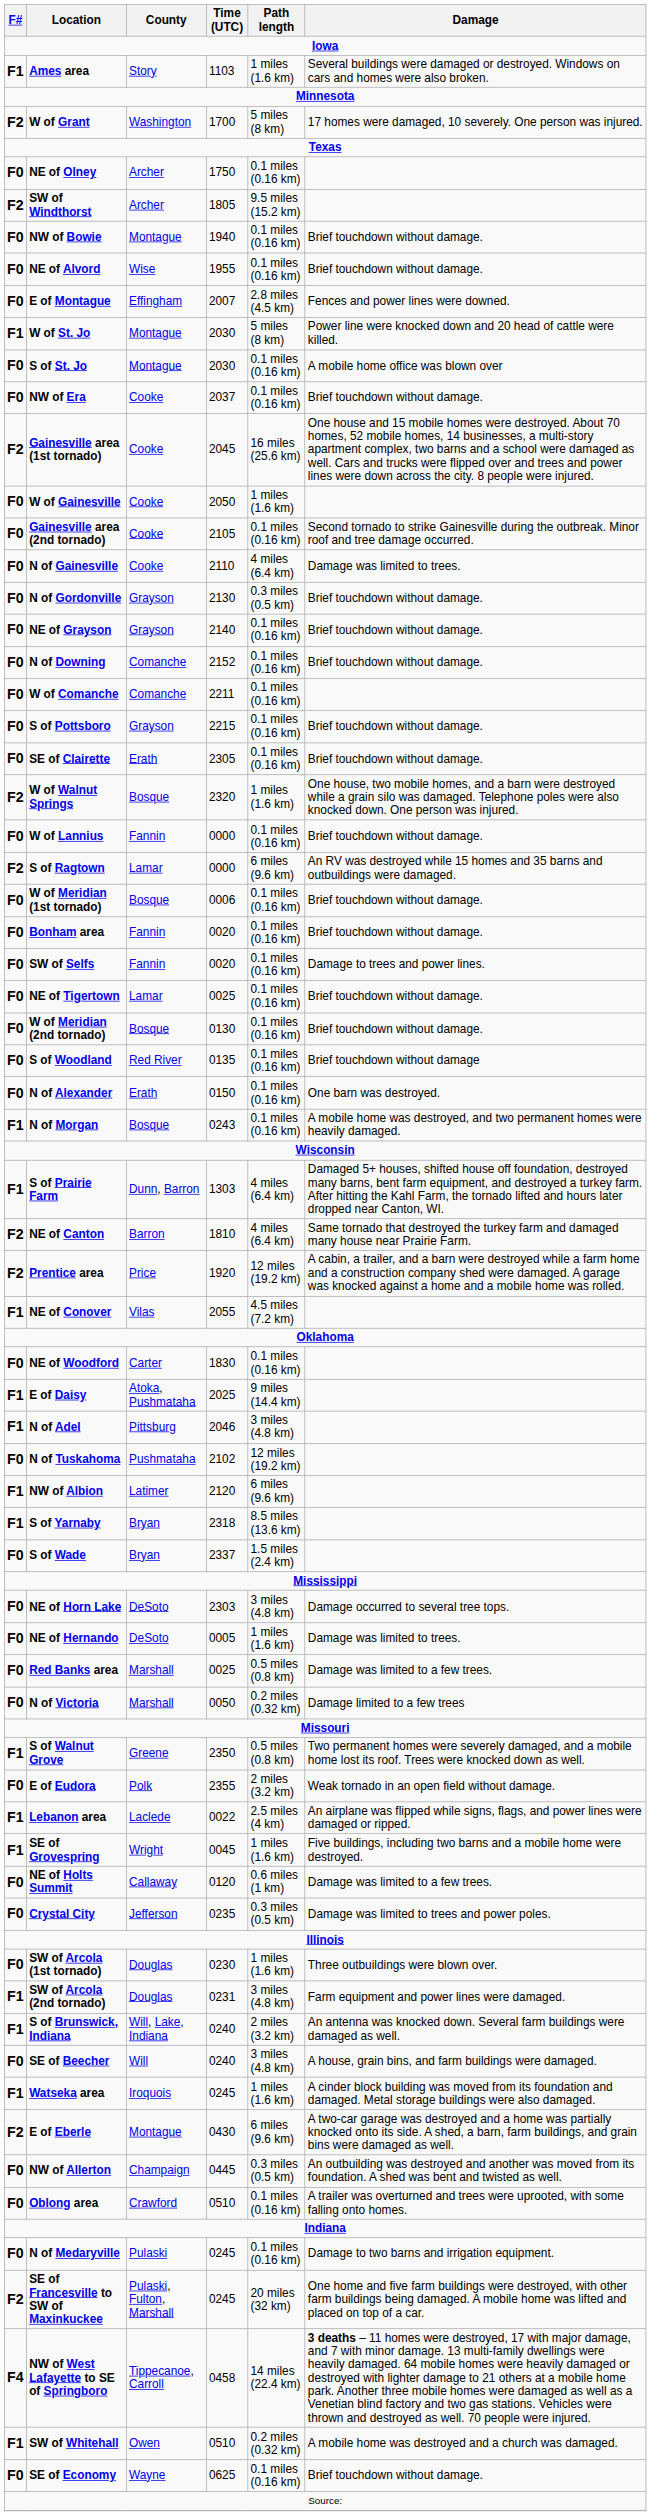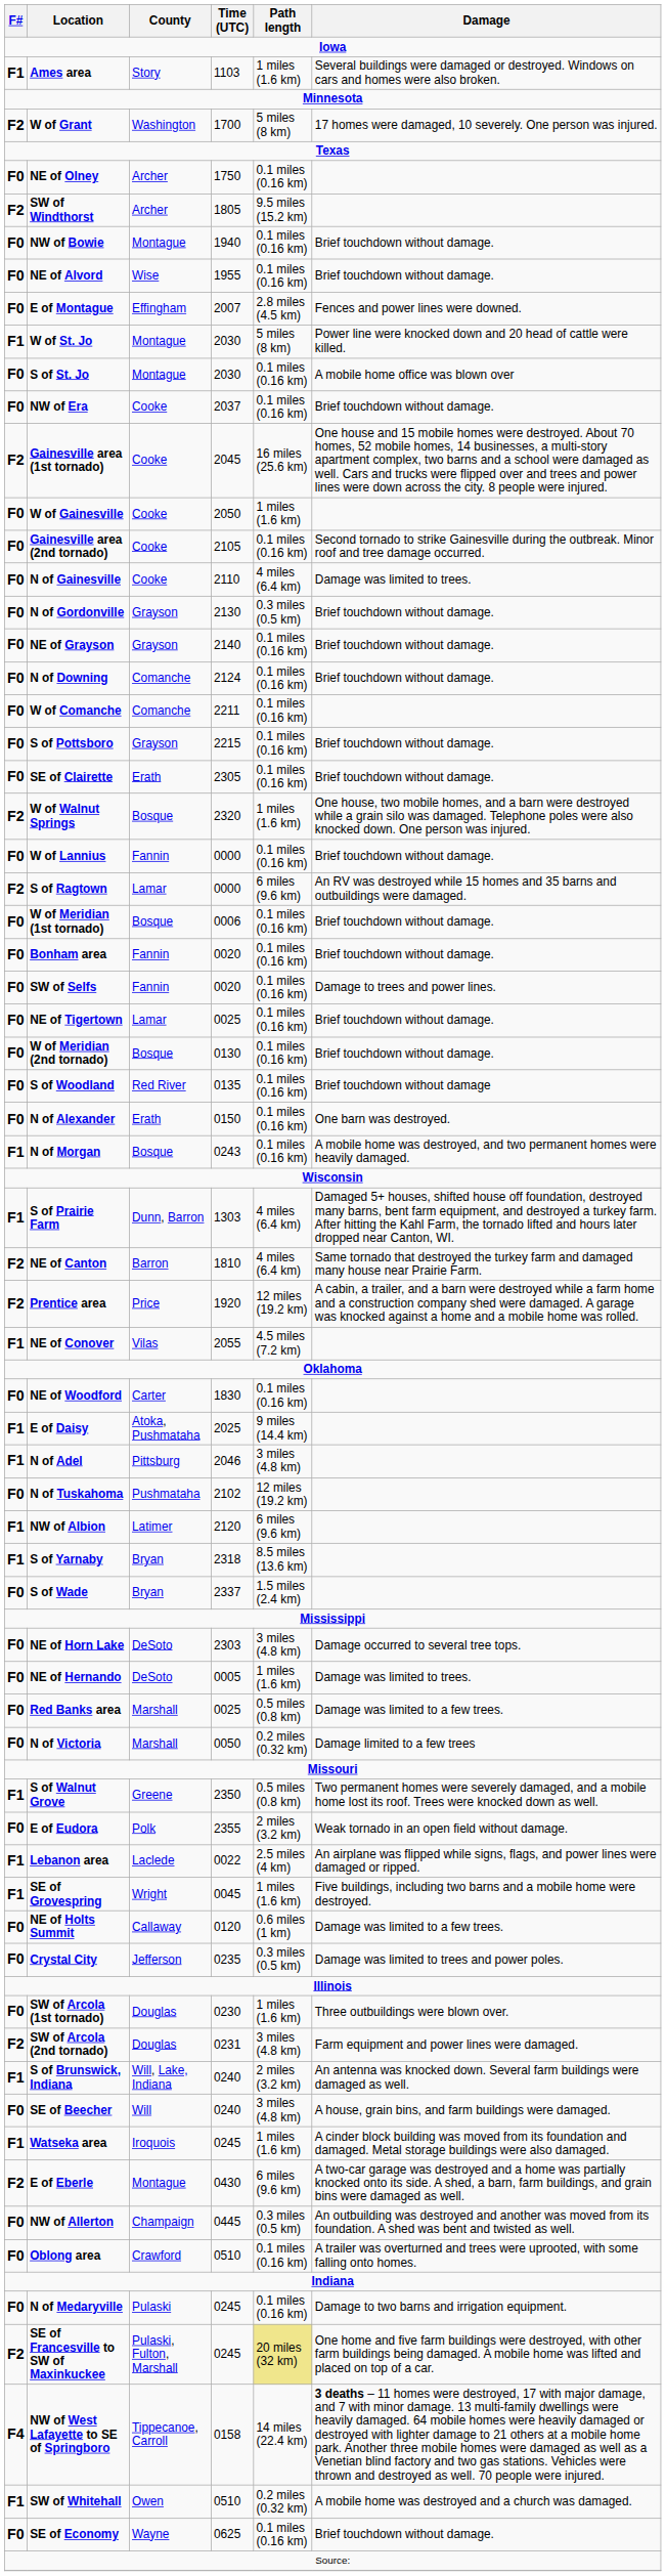 <table class="wikitable">
 <tr>
 <th><strong><a href='#'>F#</a></strong></th>
 <th><strong>Location</strong></th>
 <th><strong>County</strong></th>
 <th><strong>Time (UTC)</strong></th>
 <th><strong>Path length</strong></th>
 <th><strong>Damage</strong></th>
 </tr>
 <tr>
 <td colspan="7" align=center><strong><a href='#'>Iowa</a></strong></td>
 </tr>
 <tr>
 <td><big><strong>F1</strong></big></td>
 <td><strong><a href='#'>Ames</a> area</strong></td>
 <td><a href='#'>Story</a></td>
 <td>1103</td>
 <td>1 miles <br>(1.6 km)</td>
 <td>Several buildings were damaged or destroyed. Windows on cars and homes were also broken.</td>
 </tr>
 <tr>
 <td colspan="7" align=center><strong><a href='#'>Minnesota</a></strong></td>
 </tr>
 <tr>
 <td><big><strong>F2</strong></big></td>
 <td><strong>W of <a href='#'>Grant</a></strong></td>
 <td><a href='#'>Washington</a></td>
 <td>1700</td>
 <td>5 miles <br>(8 km)</td>
 <td>17 homes were damaged, 10 severely. One person was injured.</td>
 </tr>
 <tr>
 <td colspan="7" align=center><strong><a href='#'>Texas</a></strong></td>
 </tr>
 <tr>
 <td><big><strong>F0</strong></big></td>
 <td><strong>NE of <a href='#'>Olney</a></strong></td>
 <td><a href='#'>Archer</a></td>
 <td>1750</td>
 <td>0.1 miles <br>(0.16 km)</td>
 <td></td>
 </tr>
 <tr>
 <td><big><strong>F2</strong></big></td>
 <td><strong>SW of <a href='#'>Windthorst</a></strong></td>
 <td><a href='#'>Archer</a></td>
 <td>1805</td>
 <td>9.5 miles <br>(15.2 km)</td>
 <td></td>
 </tr>
 <tr>
 <td><big><strong>F0</strong></big></td>
 <td><strong>NW of <a href='#'>Bowie</a></strong></td>
 <td><a href='#'>Montague</a></td>
 <td>1940</td>
 <td>0.1 miles <br>(0.16 km)</td>
 <td>Brief touchdown without damage.</td>
 </tr>
 <tr>
 <td><big><strong>F0</strong></big></td>
 <td><strong>NE of <a href='#'>Alvord</a></strong></td>
 <td><a href='#'>Wise</a></td>
 <td>1955</td>
 <td>0.1 miles <br>(0.16 km)</td>
 <td>Brief touchdown without damage.</td>
 </tr>
 <tr>
 <td><big><strong>F0</strong></big></td>
 <td><strong>E of <a href='#'>Montague</a></strong></td>
 <td><a href='#'>Effingham</a></td>
 <td>2007</td>
 <td>2.8 miles <br>(4.5 km)</td>
 <td>Fences and power lines were downed.</td>
 </tr>
 <tr>
 <td><big><strong>F1</strong></big></td>
 <td><strong>W of <a href='#'>St. Jo</a></strong></td>
 <td><a href='#'>Montague</a></td>
 <td>2030</td>
 <td>5 miles <br>(8 km)</td>
 <td>Power line were knocked down and 20 head of cattle were killed.</td>
 </tr>
 <tr>
 <td><big><strong>F0</strong></big></td>
 <td><strong>S of <a href='#'>St. Jo</a></strong></td>
 <td><a href='#'>Montague</a></td>
 <td>2030</td>
 <td>0.1 miles <br>(0.16 km)</td>
 <td>A mobile home office was blown over</td>
 </tr>
 <tr>
 <td><big><strong>F0</strong></big></td>
 <td><strong>NW of <a href='#'>Era</a></strong></td>
 <td><a href='#'>Cooke</a></td>
 <td>2037</td>
 <td>0.1 miles <br>(0.16 km)</td>
 <td>Brief touchdown without damage.</td>
 </tr>
 <tr>
 <td><big><strong>F2</strong></big></td>
 <td><strong><a href='#'>Gainesville</a> area (1st tornado)</strong></td>
 <td><a href='#'>Cooke</a></td>
 <td>2045</td>
 <td>16 miles <br>(25.6 km)</td>
 <td>One house and 15 mobile homes were destroyed. About 70 homes, 52 mobile homes, 14 businesses, a multi-story apartment complex, two barns and a school were damaged as well. Cars and trucks were flipped over and trees and power lines were down across the city. 8 people were injured.</td>
 </tr>
 <tr>
 <td><big><strong>F0</strong></big></td>
 <td><strong>W of <a href='#'>Gainesville</a></strong></td>
 <td><a href='#'>Cooke</a></td>
 <td>2050</td>
 <td>1 miles <br>(1.6 km)</td>
 <td></td>
 </tr>
 <tr>
 <td><big><strong>F0</strong></big></td>
 <td><strong><a href='#'>Gainesville</a> area (2nd tornado)</strong></td>
 <td><a href='#'>Cooke</a></td>
 <td>2105</td>
 <td>0.1 miles <br>(0.16 km)</td>
 <td>Second tornado to strike Gainesville during the outbreak. Minor roof and tree damage occurred.</td>
 </tr>
 <tr>
 <td><big><strong>F0</strong></big></td>
 <td><strong>N of <a href='#'>Gainesville</a></strong></td>
 <td><a href='#'>Cooke</a></td>
 <td>2110</td>
 <td>4 miles <br>(6.4 km)</td>
 <td>Damage was limited to trees.</td>
 </tr>
 <tr>
 <td><big><strong>F0</strong></big></td>
 <td><strong>N of <a href='#'>Gordonville</a></strong></td>
 <td><a href='#'>Grayson</a></td>
 <td>2130</td>
 <td>0.3 miles <br>(0.5 km)</td>
 <td>Brief touchdown without damage.</td>
 </tr>
 <tr>
 <td><big><strong>F0</strong></big></td>
 <td><strong>NE of <a href='#'>Grayson</a></strong></td>
 <td><a href='#'>Grayson</a></td>
 <td>2140</td>
 <td>0.1 miles <br>(0.16 km)</td>
 <td>Brief touchdown without damage.</td>
 </tr>
 <tr>
 <td><big><strong>F0</strong></big></td>
 <td><strong>N of <a href='#'>Downing</a></strong></td>
 <td><a href='#'>Comanche</a></td>
-<td>2152</td>
+<td>2124</td>
 <td>0.1 miles <br>(0.16 km)</td>
 <td>Brief touchdown without damage.</td>
 </tr>
 <tr>
 <td><big><strong>F0</strong></big></td>
 <td><strong>W of <a href='#'>Comanche</a></strong></td>
 <td><a href='#'>Comanche</a></td>
 <td>2211</td>
 <td>0.1 miles <br>(0.16 km)</td>
 <td></td>
 </tr>
 <tr>
 <td><big><strong>F0</strong></big></td>
 <td><strong>S of <a href='#'>Pottsboro</a></strong></td>
 <td><a href='#'>Grayson</a></td>
 <td>2215</td>
 <td>0.1 miles <br>(0.16 km)</td>
 <td>Brief touchdown without damage.</td>
 </tr>
 <tr>
 <td><big><strong>F0</strong></big></td>
 <td><strong>SE of <a href='#'>Clairette</a></strong></td>
 <td><a href='#'>Erath</a></td>
 <td>2305</td>
 <td>0.1 miles <br>(0.16 km)</td>
 <td>Brief touchdown without damage.</td>
 </tr>
 <tr>
 <td><big><strong>F2</strong></big></td>
 <td><strong>W of <a href='#'>Walnut Springs</a></strong></td>
 <td><a href='#'>Bosque</a></td>
 <td>2320</td>
 <td>1 miles <br>(1.6 km)</td>
 <td>One house, two mobile homes, and a barn were destroyed while a grain silo was damaged. Telephone poles were also knocked down. One person was injured.</td>
 </tr>
 <tr>
 <td><big><strong>F0</strong></big></td>
 <td><strong>W of <a href='#'>Lannius</a></strong></td>
 <td><a href='#'>Fannin</a></td>
 <td>0000</td>
 <td>0.1 miles <br>(0.16 km)</td>
 <td>Brief touchdown without damage.</td>
 </tr>
 <tr>
 <td><big><strong>F2</strong></big></td>
 <td><strong>S of <a href='#'>Ragtown</a></strong></td>
 <td><a href='#'>Lamar</a></td>
 <td>0000</td>
 <td>6 miles <br>(9.6 km)</td>
 <td>An RV was destroyed while 15 homes and 35 barns and outbuildings were damaged.</td>
 </tr>
 <tr>
 <td><big><strong>F0</strong></big></td>
 <td><strong>W of <a href='#'>Meridian</a> (1st tornado)</strong></td>
 <td><a href='#'>Bosque</a></td>
 <td>0006</td>
 <td>0.1 miles <br>(0.16 km)</td>
 <td>Brief touchdown without damage.</td>
 </tr>
 <tr>
 <td><big><strong>F0</strong></big></td>
 <td><strong><a href='#'>Bonham</a> area</strong></td>
 <td><a href='#'>Fannin</a></td>
 <td>0020</td>
 <td>0.1 miles <br>(0.16 km)</td>
 <td>Brief touchdown without damage.</td>
 </tr>
 <tr>
 <td><big><strong>F0</strong></big></td>
 <td><strong>SW of <a href='#'>Selfs</a></strong></td>
 <td><a href='#'>Fannin</a></td>
 <td>0020</td>
 <td>0.1 miles <br>(0.16 km)</td>
 <td>Damage to trees and power lines.</td>
 </tr>
 <tr>
 <td><big><strong>F0</strong></big></td>
 <td><strong>NE of <a href='#'>Tigertown</a></strong></td>
 <td><a href='#'>Lamar</a></td>
 <td>0025</td>
 <td>0.1 miles <br>(0.16 km)</td>
 <td>Brief touchdown without damage.</td>
 </tr>
 <tr>
 <td><big><strong>F0</strong></big></td>
 <td><strong>W of <a href='#'>Meridian</a> (2nd tornado)</strong></td>
 <td><a href='#'>Bosque</a></td>
 <td>0130</td>
 <td>0.1 miles <br>(0.16 km)</td>
 <td>Brief touchdown without damage.</td>
 </tr>
 <tr>
 <td><big><strong>F0</strong></big></td>
 <td><strong>S of <a href='#'>Woodland</a></strong></td>
 <td><a href='#'>Red River</a></td>
 <td>0135</td>
 <td>0.1 miles <br>(0.16 km)</td>
 <td>Brief touchdown without damage</td>
 </tr>
 <tr>
 <td><big><strong>F0</strong></big></td>
 <td><strong>N of <a href='#'>Alexander</a></strong></td>
 <td><a href='#'>Erath</a></td>
 <td>0150</td>
 <td>0.1 miles <br>(0.16 km)</td>
 <td>One barn was destroyed.</td>
 </tr>
 <tr>
 <td><big><strong>F1</strong></big></td>
 <td><strong>N of <a href='#'>Morgan</a></strong></td>
 <td><a href='#'>Bosque</a></td>
 <td>0243</td>
 <td>0.1 miles <br>(0.16 km)</td>
 <td>A mobile home was destroyed, and two permanent homes were heavily damaged.</td>
 </tr>
 <tr>
 <td colspan="7" align=center><strong><a href='#'>Wisconsin</a></strong></td>
 </tr>
 <tr>
 <td><big><strong>F1</strong></big></td>
 <td><strong>S of <a href='#'>Prairie Farm</a></strong></td>
 <td><a href='#'>Dunn</a>, <a href='#'>Barron</a></td>
 <td>1303</td>
 <td>4 miles <br>(6.4 km)</td>
 <td>Damaged 5+ houses, shifted house off foundation, destroyed many barns, bent farm equipment, and destroyed a turkey farm. After hitting the Kahl Farm, the tornado lifted and hours later dropped near Canton, WI.</td>
 </tr>
 <tr>
 <td><big><strong>F2</strong></big></td>
 <td><strong>NE of <a href='#'>Canton</a></strong></td>
 <td><a href='#'>Barron</a></td>
 <td>1810</td>
 <td>4 miles <br>(6.4 km)</td>
 <td>Same tornado that destroyed the turkey farm and damaged many house near Prairie Farm.</td>
 </tr>
 <tr>
 <td><big><strong>F2</strong></big></td>
 <td><strong><a href='#'>Prentice</a> area</strong></td>
 <td><a href='#'>Price</a></td>
 <td>1920</td>
 <td>12 miles <br>(19.2 km)</td>
 <td>A cabin, a trailer, and a barn were destroyed while a farm home and a construction company shed were damaged. A garage was knocked against a home and a mobile home was rolled.</td>
 </tr>
 <tr>
 <td><big><strong>F1</strong></big></td>
 <td><strong>NE of <a href='#'>Conover</a></strong></td>
 <td><a href='#'>Vilas</a></td>
 <td>2055</td>
 <td>4.5 miles <br>(7.2 km)</td>
 <td></td>
 </tr>
 <tr>
 <td colspan="7" align=center><strong><a href='#'>Oklahoma</a></strong></td>
 </tr>
 <tr>
 <td><big><strong>F0</strong></big></td>
 <td><strong>NE of <a href='#'>Woodford</a></strong></td>
 <td><a href='#'>Carter</a></td>
 <td>1830</td>
 <td>0.1 miles <br>(0.16 km)</td>
 <td></td>
 </tr>
 <tr>
 <td><big><strong>F1</strong></big></td>
 <td><strong>E of <a href='#'>Daisy</a></strong></td>
 <td><a href='#'>Atoka</a>, <a href='#'>Pushmataha</a></td>
 <td>2025</td>
 <td>9 miles <br>(14.4 km)</td>
 <td></td>
 </tr>
 <tr>
 <td><big><strong>F1</strong></big></td>
 <td><strong>N of <a href='#'>Adel</a></strong></td>
 <td><a href='#'>Pittsburg</a></td>
 <td>2046</td>
 <td>3 miles <br>(4.8 km)</td>
 <td></td>
 </tr>
 <tr>
 <td><big><strong>F0</strong></big></td>
 <td><strong>N of <a href='#'>Tuskahoma</a></strong></td>
 <td><a href='#'>Pushmataha</a></td>
 <td>2102</td>
 <td>12 miles <br>(19.2 km)</td>
 <td></td>
 </tr>
 <tr>
 <td><big><strong>F1</strong></big></td>
 <td><strong>NW of <a href='#'>Albion</a></strong></td>
 <td><a href='#'>Latimer</a></td>
 <td>2120</td>
 <td>6 miles <br>(9.6 km)</td>
 <td></td>
 </tr>
 <tr>
 <td><big><strong>F1</strong></big></td>
 <td><strong>S of <a href='#'>Yarnaby</a></strong></td>
 <td><a href='#'>Bryan</a></td>
 <td>2318</td>
 <td>8.5 miles <br>(13.6 km)</td>
 <td></td>
 </tr>
 <tr>
 <td><big><strong>F0</strong></big></td>
 <td><strong>S of <a href='#'>Wade</a></strong></td>
 <td><a href='#'>Bryan</a></td>
 <td>2337</td>
 <td>1.5 miles <br>(2.4 km)</td>
 <td></td>
 </tr>
 <tr>
 <td colspan="7" align=center><strong><a href='#'>Mississippi</a></strong></td>
 </tr>
 <tr>
 <td><big><strong>F0</strong></big></td>
 <td><strong>NE of <a href='#'>Horn Lake</a></strong></td>
 <td><a href='#'>DeSoto</a></td>
 <td>2303</td>
 <td>3 miles <br>(4.8 km)</td>
 <td>Damage occurred to several tree tops.</td>
 </tr>
 <tr>
 <td><big><strong>F0</strong></big></td>
 <td><strong>NE of <a href='#'>Hernando</a></strong></td>
 <td><a href='#'>DeSoto</a></td>
 <td>0005</td>
 <td>1 miles <br>(1.6 km)</td>
 <td>Damage was limited to trees.</td>
 </tr>
 <tr>
 <td><big><strong>F0</strong></big></td>
 <td><strong><a href='#'>Red Banks</a> area</strong></td>
 <td><a href='#'>Marshall</a></td>
 <td>0025</td>
 <td>0.5 miles <br>(0.8 km)</td>
 <td>Damage was limited to a few trees.</td>
 </tr>
 <tr>
 <td><big><strong>F0</strong></big></td>
 <td><strong>N of <a href='#'>Victoria</a></strong></td>
 <td><a href='#'>Marshall</a></td>
 <td>0050</td>
 <td>0.2 miles <br>(0.32 km)</td>
 <td>Damage limited to a few trees</td>
 </tr>
 <tr>
 <td colspan="7" align=center><strong><a href='#'>Missouri</a></strong></td>
 </tr>
 <tr>
 <td><big><strong>F1</strong></big></td>
 <td><strong>S of <a href='#'>Walnut Grove</a></strong></td>
 <td><a href='#'>Greene</a></td>
 <td>2350</td>
 <td>0.5 miles <br>(0.8 km)</td>
 <td>Two permanent homes were severely damaged, and a mobile home lost its roof. Trees were knocked down as well.</td>
 </tr>
 <tr>
 <td><big><strong>F0</strong></big></td>
 <td><strong>E of <a href='#'>Eudora</a></strong></td>
 <td><a href='#'>Polk</a></td>
 <td>2355</td>
 <td>2 miles <br>(3.2 km)</td>
 <td>Weak tornado in an open field without damage.</td>
 </tr>
 <tr>
 <td><big><strong>F1</strong></big></td>
 <td><strong><a href='#'>Lebanon</a> area</strong></td>
 <td><a href='#'>Laclede</a></td>
 <td>0022</td>
 <td>2.5 miles <br>(4 km)</td>
 <td>An airplane was flipped while signs, flags, and power lines were damaged or ripped.</td>
 </tr>
 <tr>
 <td><big><strong>F1</strong></big></td>
 <td><strong>SE of <a href='#'>Grovespring</a></strong></td>
 <td><a href='#'>Wright</a></td>
 <td>0045</td>
 <td>1 miles <br>(1.6 km)</td>
 <td>Five buildings, including two barns and a mobile home were destroyed.</td>
 </tr>
 <tr>
 <td><big><strong>F0</strong></big></td>
 <td><strong>NE of <a href='#'>Holts Summit</a></strong></td>
 <td><a href='#'>Callaway</a></td>
 <td>0120</td>
 <td>0.6 miles <br>(1 km)</td>
 <td>Damage was limited to a few trees.</td>
 </tr>
 <tr>
 <td><big><strong>F0</strong></big></td>
 <td><strong><a href='#'>Crystal City</a></strong></td>
 <td><a href='#'>Jefferson</a></td>
 <td>0235</td>
 <td>0.3 miles <br>(0.5 km)</td>
 <td>Damage was limited to trees and power poles.</td>
 </tr>
 <tr>
 <td colspan="7" align=center><strong><a href='#'>Illinois</a></strong></td>
 </tr>
 <tr>
 <td><big><strong>F0</strong></big></td>
 <td><strong>SW of <a href='#'>Arcola</a> (1st tornado)</strong></td>
 <td><a href='#'>Douglas</a></td>
 <td>0230</td>
 <td>1 miles <br>(1.6 km)</td>
 <td>Three outbuildings were blown over.</td>
 </tr>
 <tr>
-<td><big><strong>F1</strong></big></td>
+<td><big><strong>F2</strong></big></td>
 <td><strong>SW of <a href='#'>Arcola</a> (2nd tornado)</strong></td>
 <td><a href='#'>Douglas</a></td>
 <td>0231</td>
 <td>3 miles <br>(4.8 km)</td>
 <td>Farm equipment and power lines were damaged.</td>
 </tr>
 <tr>
 <td><big><strong>F1</strong></big></td>
 <td><strong>S of <a href='#'>Brunswick, Indiana</a></strong></td>
 <td><a href='#'>Will</a>, <a href='#'>Lake, Indiana</a></td>
 <td>0240</td>
 <td>2 miles <br>(3.2 km)</td>
 <td>An antenna was knocked down. Several farm buildings were damaged as well.</td>
 </tr>
 <tr>
 <td><big><strong>F0</strong></big></td>
 <td><strong>SE of <a href='#'>Beecher</a></strong></td>
 <td><a href='#'>Will</a></td>
 <td>0240</td>
 <td>3 miles <br>(4.8 km)</td>
 <td>A house, grain bins, and farm buildings were damaged.</td>
 </tr>
 <tr>
 <td><big><strong>F1</strong></big></td>
 <td><strong><a href='#'>Watseka</a> area</strong></td>
 <td><a href='#'>Iroquois</a></td>
 <td>0245</td>
 <td>1 miles <br>(1.6 km)</td>
 <td>A cinder block building was moved from its foundation and damaged. Metal storage buildings were also damaged.</td>
 </tr>
 <tr>
 <td><big><strong>F2</strong></big></td>
 <td><strong>E of <a href='#'>Eberle</a></strong></td>
 <td><a href='#'>Montague</a></td>
 <td>0430</td>
 <td>6 miles <br>(9.6 km)</td>
 <td>A two-car garage was destroyed and a home was partially knocked onto its side. A shed, a barn, farm buildings, and grain bins were damaged as well.</td>
 </tr>
 <tr>
 <td><big><strong>F0</strong></big></td>
 <td><strong>NW of <a href='#'>Allerton</a></strong></td>
 <td><a href='#'>Champaign</a></td>
 <td>0445</td>
 <td>0.3 miles <br>(0.5 km)</td>
 <td>An outbuilding was destroyed and another was moved from its foundation. A shed was bent and twisted as well.</td>
 </tr>
 <tr>
 <td><big><strong>F0</strong></big></td>
 <td><strong><a href='#'>Oblong</a> area</strong></td>
 <td><a href='#'>Crawford</a></td>
 <td>0510</td>
 <td>0.1 miles <br>(0.16 km)</td>
 <td>A trailer was overturned and trees were uprooted, with some falling onto homes.</td>
 </tr>
 <tr>
 <td colspan="7" align=center><strong><a href='#'>Indiana</a></strong></td>
 </tr>
 <tr>
 <td><big><strong>F0</strong></big></td>
 <td><strong>N of <a href='#'>Medaryville</a></strong></td>
 <td><a href='#'>Pulaski</a></td>
 <td>0245</td>
 <td>0.1 miles <br>(0.16 km)</td>
 <td>Damage to two barns and irrigation equipment.</td>
 </tr>
 <tr>
 <td><big><strong>F2</strong></big></td>
 <td><strong>SE of <a href='#'>Francesville</a> to SW of <a href='#'>Maxinkuckee</a></strong></td>
 <td><a href='#'>Pulaski</a>, <a href='#'>Fulton</a>, <a href='#'>Marshall</a></td>
 <td>0245</td>
-<td>20 miles <br>(32 km)</td>
+<td style="background: khaki;">20 miles <br>(32 km)</td>
 <td>One home and five farm buildings were destroyed, with other farm buildings being damaged. A mobile home was lifted and placed on top of a car.</td>
 </tr>
 <tr>
 <td><big><strong>F4</strong></big></td>
 <td><strong>NW of <a href='#'>West Lafayette</a> to SE of <a href='#'>Springboro</a></strong></td>
 <td><a href='#'>Tippecanoe</a>, <a href='#'>Carroll</a></td>
-<td>0458</td>
+<td>0158</td>
 <td>14 miles <br>(22.4 km)</td>
 <td><strong>3 deaths</strong> – 11 homes were destroyed, 17 with major damage, and 7 with minor damage. 13 multi-family dwellings were heavily damaged. 64 mobile homes were heavily damaged or destroyed with lighter damage to 21 others at a mobile home park. Another three mobile homes were damaged as well as a Venetian blind factory and two gas stations. Vehicles were thrown and destroyed as well. 70 people were injured.</td>
 </tr>
 <tr>
 <td><big><strong>F1</strong></big></td>
 <td><strong>SW of <a href='#'>Whitehall</a></strong></td>
 <td><a href='#'>Owen</a></td>
 <td>0510</td>
 <td>0.2 miles <br>(0.32 km)</td>
 <td>A mobile home was destroyed and a church was damaged.</td>
 </tr>
 <tr>
 <td><big><strong>F0</strong></big></td>
 <td><strong>SE of <a href='#'>Economy</a></strong></td>
 <td><a href='#'>Wayne</a></td>
 <td>0625</td>
 <td>0.1 miles <br>(0.16 km)</td>
 <td>Brief touchdown without damage.</td>
 </tr>
 <tr>
 <td colspan="7" align=center><small>Source: </small></td>
 </tr>
 <tr>
 </tr>
 </table>
